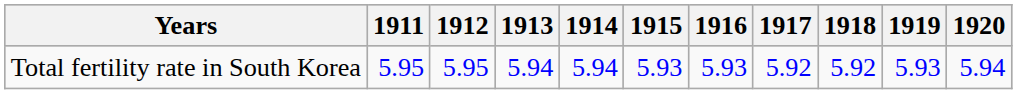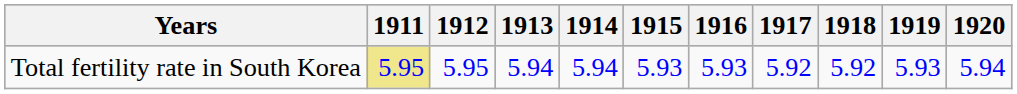 <table class="wikitable " style="text-align:right">
 <tr>
 <th>Years</th>
 <th>1911</th>
 <th>1912</th>
 <th>1913</th>
 <th>1914</th>
 <th>1915</th>
 <th>1916</th>
 <th>1917</th>
 <th>1918</th>
 <th>1919</th>
 <th>1920</th>
 </tr>
 <tr>
 <td align="left">Total fertility rate in South Korea</td>
-<td style="text-align:right; color:blue;">5.95</td>
+<td style="background: khaki; text-align:right; color:blue;">5.95</td>
 <td style="text-align:right; color:blue;">5.95</td>
 <td style="text-align:right; color:blue;">5.94</td>
 <td style="text-align:right; color:blue;">5.94</td>
 <td style="text-align:right; color:blue;">5.93</td>
 <td style="text-align:right; color:blue;">5.93</td>
 <td style="text-align:right; color:blue;">5.92</td>
 <td style="text-align:right; color:blue;">5.92</td>
 <td style="text-align:right; color:blue;">5.93</td>
 <td style="text-align:right; color:blue;">5.94</td>
 </tr>
 </table>
